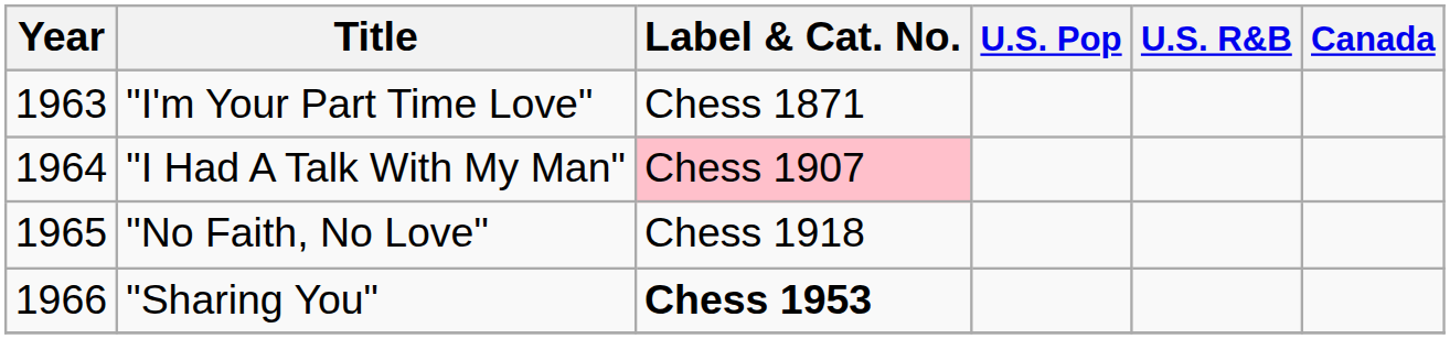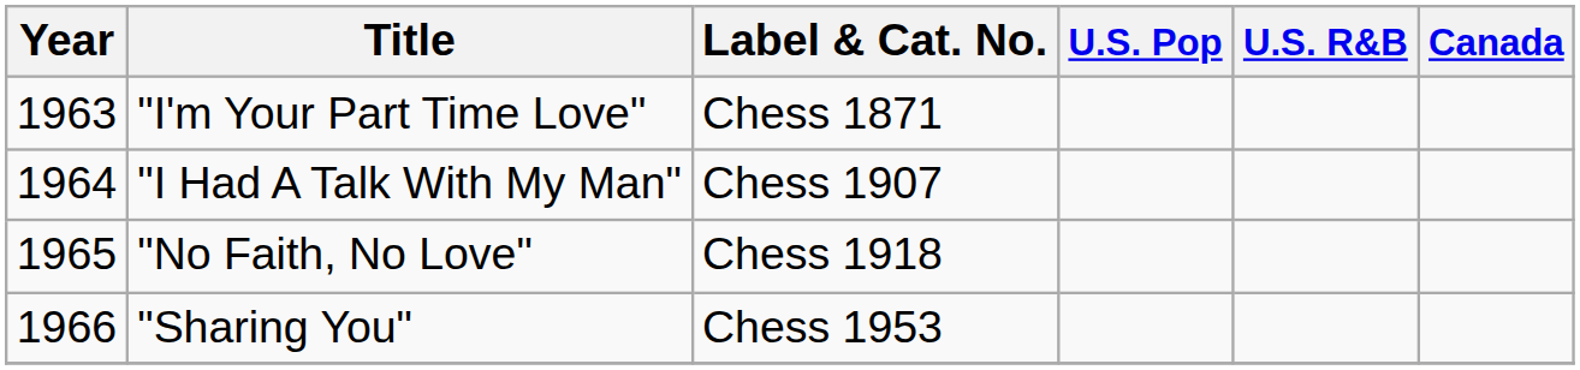 <table class=wikitable>
 <tr>
 <th>Year</th>
 <th>Title</th>
 <th>Label & Cat. No.</th>
 <th><small><a href='#'>U.S. Pop</a></small></th>
 <th><small><a href='#'>U.S. R&B</a></small></th>
 <th><small><a href='#'>Canada</a></small></th>
 </tr>
 <tr>
 <td>1963</td>
 <td>"I'm Your Part Time Love"</td>
 <td>Chess 1871</td>
 <td></td>
 <td></td>
 <td></td>
 </tr>
 <tr>
 <td>1964</td>
 <td>"I Had A Talk With My Man"</td>
-<td style="background: pink;">Chess 1907</td>
+<td>Chess 1907</td>
 <td></td>
 <td></td>
 <td></td>
 </tr>
 <tr>
 <td>1965</td>
 <td>"No Faith, No Love"</td>
 <td>Chess 1918</td>
 <td></td>
 <td></td>
 <td></td>
 </tr>
 <tr>
 <td>1966</td>
 <td>"Sharing You"</td>
-<td><strong>Chess 1953</strong></td>
+<td>Chess 1953</td>
 <td></td>
 <td></td>
 <td></td>
 </tr>
 <tr>
 </tr>
 </table>
